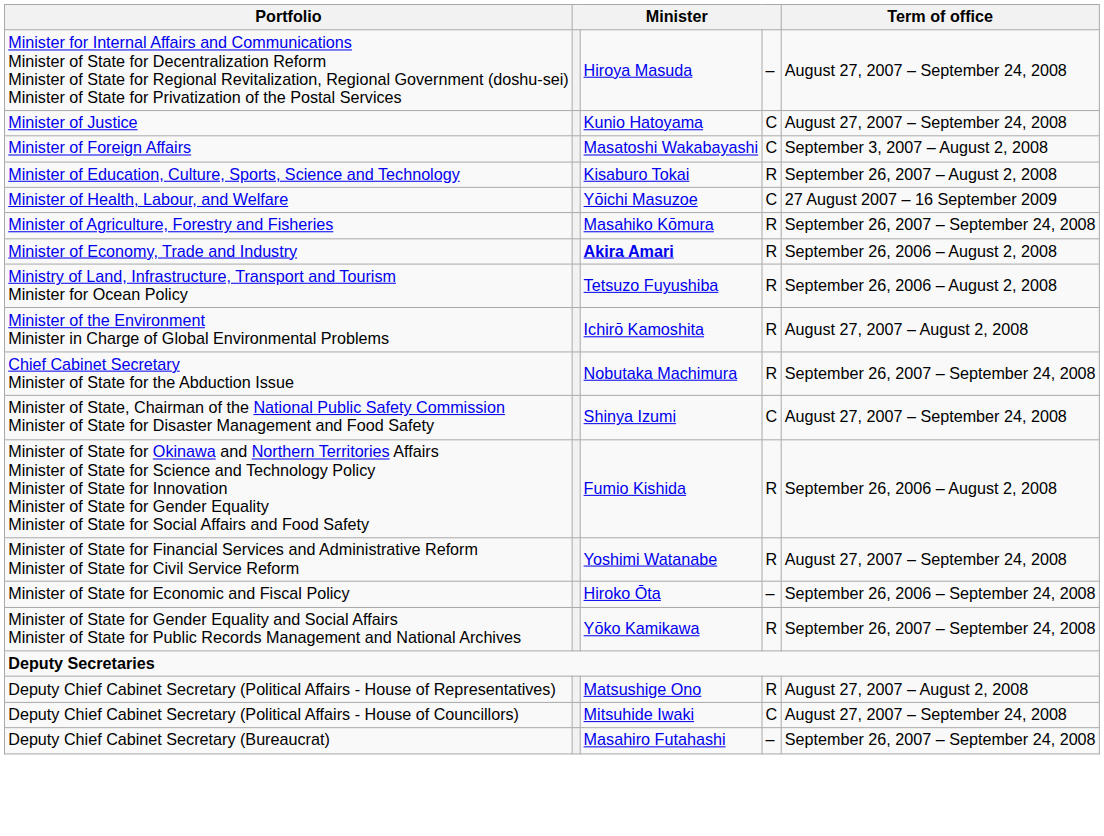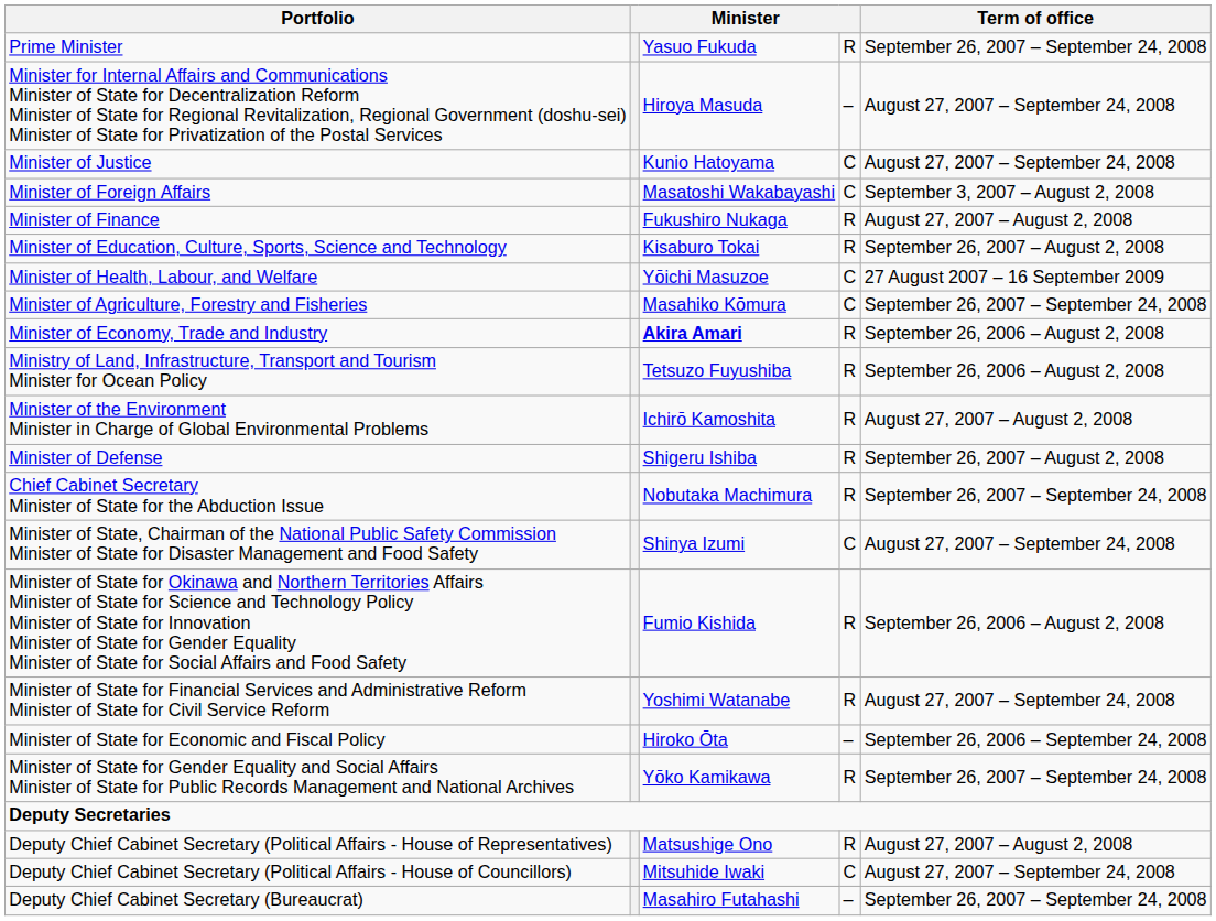 <table class="wikitable">
 <tr>
 <th>Portfolio</th>
 <th colspan=3>Minister</th>
 <th>Term of office</th>
+</tr>
+<tr>
+<td><a href='#'>Prime Minister</a></td>
+<th style="color:inherit;background-color: "></th>
+<td><a href='#'>Yasuo Fukuda</a></td>
+<td>R</td>
+<td>September 26, 2007 – September 24, 2008</td>
 </tr>
 <tr>
 <td><a href='#'>Minister for Internal Affairs and Communications</a> <br>Minister of State for Decentralization Reform <br>Minister of State for Regional Revitalization, Regional Government (doshu-sei) <br>Minister of State for Privatization of the Postal Services</td>
 <th style="color:inherit;background-color: "></th>
 <td><a href='#'>Hiroya Masuda</a></td>
 <td>–</td>
 <td>August 27, 2007 – September 24, 2008</td>
 </tr>
 <tr>
 <td><a href='#'>Minister of Justice</a></td>
 <th style="color:inherit;background-color: "></th>
 <td><a href='#'>Kunio Hatoyama</a></td>
 <td>C</td>
 <td>August 27, 2007 – September 24, 2008</td>
 </tr>
 <tr>
 <td><a href='#'>Minister of Foreign Affairs</a></td>
 <th style="color:inherit;background-color: "></th>
 <td><a href='#'>Masatoshi Wakabayashi</a></td>
 <td>C</td>
 <td>September 3, 2007 – August 2, 2008</td>
 </tr>
 <tr>
+<td><a href='#'>Minister of Finance</a></td>
+<th style="color:inherit;background-color: "></th>
+<td><a href='#'>Fukushiro Nukaga</a></td>
+<td>R</td>
+<td>August 27, 2007 – August 2, 2008</td>
+</tr>
+<tr>
 <td><a href='#'>Minister of Education, Culture, Sports, Science and Technology</a></td>
 <th style="color:inherit;background-color: "></th>
 <td><a href='#'>Kisaburo Tokai</a></td>
 <td>R</td>
 <td>September 26, 2007 – August 2, 2008</td>
 </tr>
 <tr>
 <td><a href='#'>Minister of Health, Labour, and Welfare</a></td>
 <th style="color:inherit;background-color: "></th>
 <td><a href='#'>Yōichi Masuzoe</a></td>
 <td>C</td>
 <td>27 August 2007 – 16 September 2009</td>
 </tr>
 <tr>
 <td><a href='#'>Minister of Agriculture, Forestry and Fisheries</a></td>
 <th style="color:inherit;background-color: "></th>
 <td><a href='#'>Masahiko Kōmura</a></td>
-<td>R</td>
+<td>C</td>
 <td>September 26, 2007 – September 24, 2008</td>
 </tr>
 <tr>
 <td><a href='#'>Minister of Economy, Trade and Industry</a></td>
 <th style="color:inherit;background-color: "></th>
 <td><strong><a href='#'>Akira Amari</a></strong></td>
 <td>R</td>
 <td>September 26, 2006 – August 2, 2008</td>
 </tr>
 <tr>
 <td><a href='#'>Ministry of Land, Infrastructure, Transport and Tourism</a> <br>Minister for Ocean Policy</td>
 <th style="color:inherit;background-color: "></th>
 <td><a href='#'>Tetsuzo Fuyushiba</a></td>
 <td>R</td>
 <td>September 26, 2006 – August 2, 2008</td>
 </tr>
 <tr>
 <td><a href='#'>Minister of the Environment</a> <br>Minister in Charge of Global Environmental Problems</td>
 <th style="color:inherit;background-color: "></th>
 <td><a href='#'>Ichirō Kamoshita</a></td>
 <td>R</td>
 <td>August 27, 2007 – August 2, 2008</td>
+</tr>
+<tr>
+<td><a href='#'>Minister of Defense</a></td>
+<th style="color:inherit;background-color: "></th>
+<td><a href='#'>Shigeru Ishiba</a></td>
+<td>R</td>
+<td>September 26, 2007 – August 2, 2008</td>
 </tr>
 <tr>
 <td><a href='#'>Chief Cabinet Secretary</a> <br>Minister of State for the Abduction Issue</td>
 <th style="color:inherit;background-color: "></th>
 <td><a href='#'>Nobutaka Machimura</a></td>
 <td>R</td>
 <td>September 26, 2007 – September 24, 2008</td>
 </tr>
 <tr>
 <td>Minister of State, Chairman of the <a href='#'>National Public Safety Commission</a> <br>Minister of State for Disaster Management and Food Safety</td>
 <th style="color:inherit;background-color: "></th>
 <td><a href='#'>Shinya Izumi</a></td>
 <td>C</td>
 <td>August 27, 2007 – September 24, 2008</td>
 </tr>
 <tr>
 <td>Minister of State for <a href='#'>Okinawa</a> and <a href='#'>Northern Territories</a> Affairs <br>Minister of State for Science and Technology Policy <br>Minister of State for Innovation <br>Minister of State for Gender Equality <br>Minister of State for Social Affairs and Food Safety</td>
 <th style="color:inherit;background-color: "></th>
 <td><a href='#'>Fumio Kishida</a></td>
 <td>R</td>
 <td>September 26, 2006 – August 2, 2008</td>
 </tr>
 <tr>
 <td>Minister of State for Financial Services and Administrative Reform <br>Minister of State for Civil Service Reform</td>
 <th style="color:inherit;background-color: "></th>
 <td><a href='#'>Yoshimi Watanabe</a></td>
 <td>R</td>
 <td>August 27, 2007 – September 24, 2008</td>
 </tr>
 <tr>
 <td>Minister of State for Economic and Fiscal Policy</td>
 <th style="color:inherit;background-color: "></th>
 <td><a href='#'>Hiroko Ōta</a></td>
 <td>–</td>
 <td>September 26, 2006 – September 24, 2008</td>
 </tr>
 <tr>
 <td>Minister of State for Gender Equality and Social Affairs <br>Minister of State for Public Records Management and National Archives</td>
 <th style="color:inherit;background-color: "></th>
 <td><a href='#'>Yōko Kamikawa</a></td>
 <td>R</td>
 <td>September 26, 2007 – September 24, 2008</td>
 </tr>
 <tr>
 <td colspan=5><strong>Deputy Secretaries</strong></td>
 </tr>
 <tr>
 <td>Deputy Chief Cabinet Secretary (Political Affairs - House of Representatives)</td>
 <th style="color:inherit;background-color: "></th>
 <td><a href='#'>Matsushige Ono</a></td>
 <td>R</td>
 <td>August 27, 2007 – August 2, 2008</td>
 </tr>
 <tr>
 <td>Deputy Chief Cabinet Secretary (Political Affairs - House of Councillors)</td>
 <th style="color:inherit;background-color: "></th>
 <td><a href='#'>Mitsuhide Iwaki</a></td>
 <td>C</td>
 <td>August 27, 2007 – September 24, 2008</td>
 </tr>
 <tr>
 <td>Deputy Chief Cabinet Secretary (Bureaucrat)</td>
 <th style="color:inherit;background-color: "></th>
 <td><a href='#'>Masahiro Futahashi</a></td>
 <td>–</td>
 <td>September 26, 2007 – September 24, 2008</td>
 </tr>
 </table>
